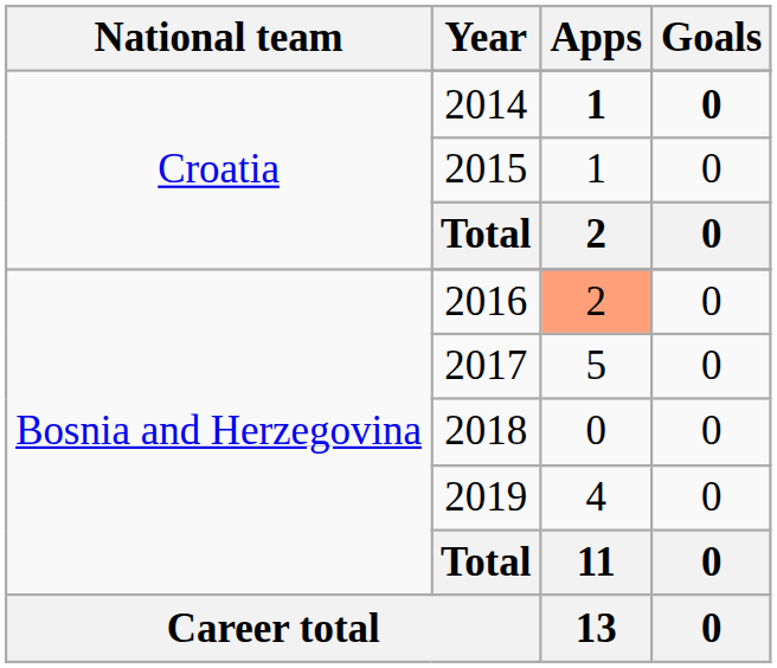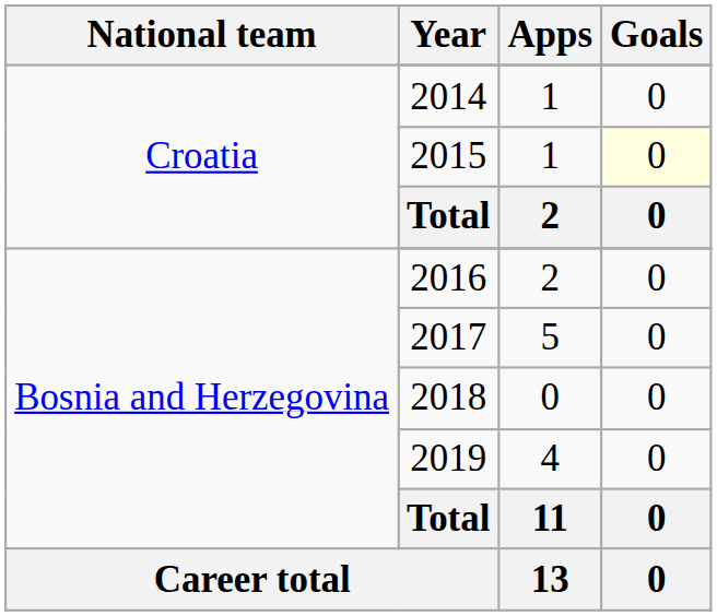 <table class="wikitable" style="text-align:center">
 <tr>
 <th>National team</th>
 <th>Year</th>
 <th>Apps</th>
 <th>Goals</th>
 </tr>
 <tr>
 <td rowspan=4><a href='#'>Croatia</a></td>
 </tr>
 <tr>
 <td>2014</td>
-<td><strong>1</strong></td>
-<td><strong>0</strong></td>
+<td>1</td>
+<td>0</td>
 </tr>
 <tr>
 <td>2015</td>
 <td>1</td>
-<td>0</td>
+<td style="background: lightyellow;">0</td>
 </tr>
 <tr>
 <th>Total</th>
 <th>2</th>
 <th>0</th>
 </tr>
 <tr>
 <td rowspan=6><a href='#'>Bosnia and Herzegovina</a></td>
 </tr>
 <tr>
 <td>2016</td>
-<td style="background: lightsalmon;">2</td>
+<td>2</td>
 <td>0</td>
 </tr>
 <tr>
 <td>2017</td>
 <td>5</td>
 <td>0</td>
 </tr>
 <tr>
 <td>2018</td>
 <td>0</td>
 <td>0</td>
 </tr>
 <tr>
 <td>2019</td>
 <td>4</td>
 <td>0</td>
 </tr>
 <tr>
 <th>Total</th>
 <th>11</th>
 <th>0</th>
 </tr>
 <tr>
 <th colspan=2>Career total</th>
 <th>13</th>
 <th>0</th>
 </tr>
 </table>
